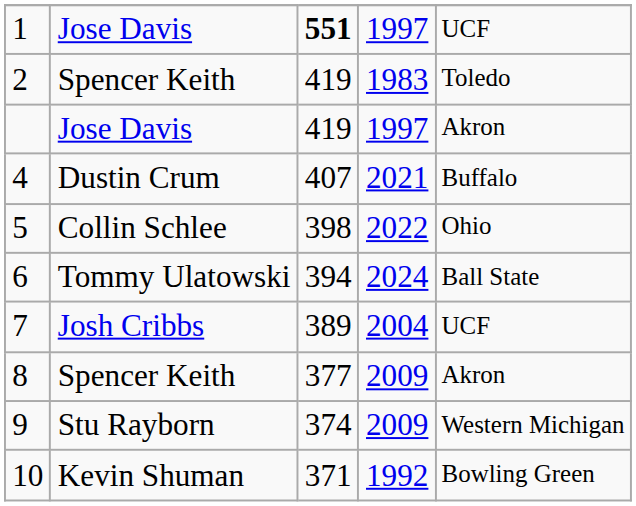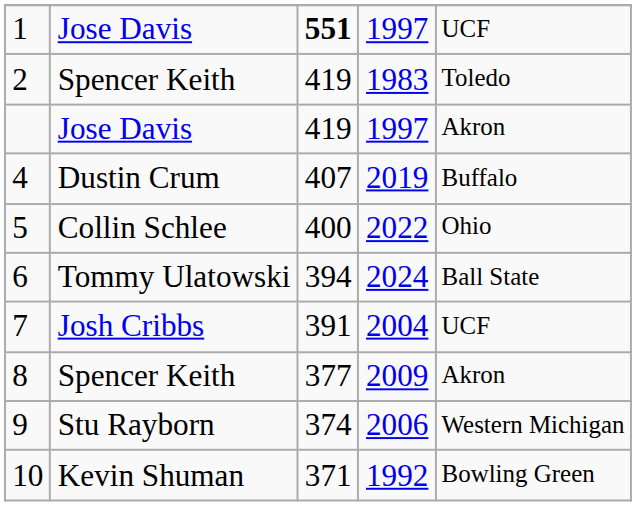 <table class="wikitable" style="display:inline-table;">
 <tr>
 </tr>
 <tr>
 <td>1</td>
 <td><a href='#'>Jose Davis</a></td>
 <td><strong>551</strong></td>
 <td><a href='#'>1997</a></td>
 <td style="font-size:80%;">UCF</td>
 </tr>
 <tr>
 <td>2</td>
 <td>Spencer Keith</td>
 <td>419</td>
 <td><a href='#'>1983</a></td>
 <td style="font-size:80%;">Toledo</td>
 </tr>
 <tr>
 <td></td>
 <td><a href='#'>Jose Davis</a></td>
 <td>419</td>
 <td><a href='#'>1997</a></td>
 <td style="font-size:80%;">Akron</td>
 </tr>
 <tr>
 <td>4</td>
 <td>Dustin Crum</td>
 <td>407</td>
-<td><a href='#'>2021</a></td>
+<td><a href='#'>2019</a></td>
 <td style="font-size:80%;">Buffalo</td>
 </tr>
 <tr>
 <td>5</td>
 <td>Collin Schlee</td>
-<td>398</td>
+<td>400</td>
 <td><a href='#'>2022</a></td>
 <td style="font-size:80%;">Ohio</td>
 </tr>
 <tr>
 <td>6</td>
 <td>Tommy Ulatowski</td>
 <td>394</td>
 <td><a href='#'>2024</a></td>
 <td style="font-size:80%;">Ball State</td>
 </tr>
 <tr>
 <td>7</td>
 <td><a href='#'>Josh Cribbs</a></td>
-<td>389</td>
+<td>391</td>
 <td><a href='#'>2004</a></td>
 <td style="font-size:80%;">UCF</td>
 </tr>
 <tr>
 <td>8</td>
 <td>Spencer Keith</td>
 <td>377</td>
 <td><a href='#'>2009</a></td>
 <td style="font-size:80%;">Akron</td>
 </tr>
 <tr>
 <td>9</td>
 <td>Stu Rayborn</td>
 <td>374</td>
-<td><a href='#'>2009</a></td>
+<td><a href='#'>2006</a></td>
 <td style="font-size:80%;">Western Michigan</td>
 </tr>
 <tr>
 <td>10</td>
 <td>Kevin Shuman</td>
 <td>371</td>
 <td><a href='#'>1992</a></td>
 <td style="font-size:80%;">Bowling Green</td>
 </tr>
 </table>
